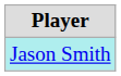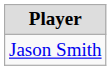 <table class="wikitable">
 <tr style="text-align:center; background:#ddd;">
 <td><strong>Player</strong></td>
 </tr>
 <tr>
-<td style="background: paleturquoise;"><a href='#'>Jason Smith</a></td>
+<td><a href='#'>Jason Smith</a></td>
 </tr>
 </table>
